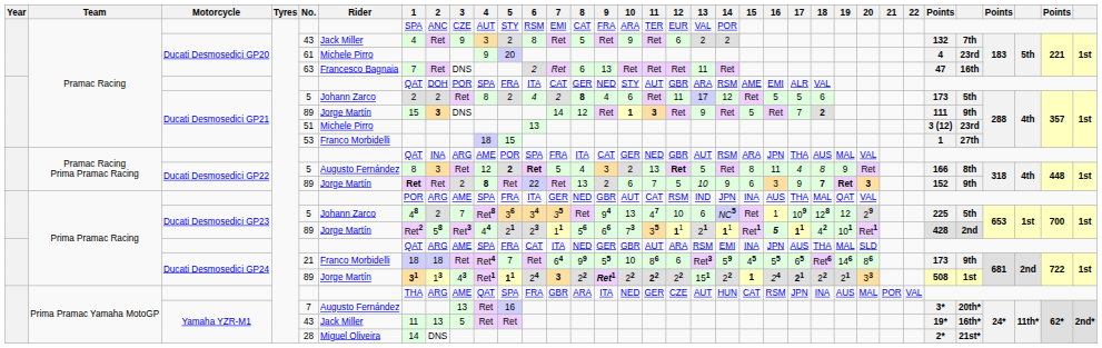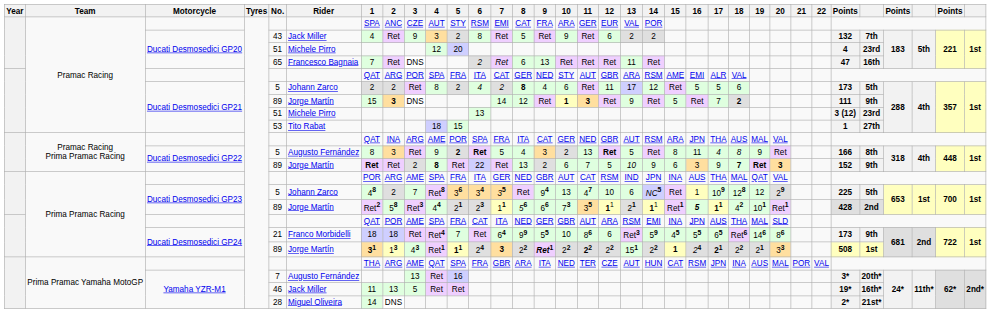 <table class="wikitable" style="text-align:center; font-size:85%;">
 <tr>
 <th scope="col">Year</th>
 <th scope="col">Team</th>
 <th scope="col">Motorcycle</th>
 <th scope="col">Tyres</th>
 <th scope="col">No.</th>
 <th scope="col">Rider</th>
 <th>1</th>
 <th>2</th>
 <th>3</th>
 <th>4</th>
 <th>5</th>
 <th>6</th>
 <th>7</th>
 <th>8</th>
 <th>9</th>
 <th>10</th>
 <th>11</th>
 <th>12</th>
 <th>13</th>
 <th>14</th>
 <th>15</th>
 <th>16</th>
 <th>17</th>
 <th>18</th>
 <th>19</th>
 <th>20</th>
 <th>21</th>
 <th>22</th>
 <th>Points</th>
 <th></th>
 <th>Points</th>
 <th></th>
 <th>Points</th>
 <th></th>
 </tr>
 <tr>
 <th scope="row" rowspan="4"></th>
 <td rowspan="9">Pramac Racing</td>
 <td></td>
 <td rowspan="22"></td>
 <td></td>
 <td></td>
 <td><a href='#'>SPA</a></td>
 <td><a href='#'>ANC</a></td>
 <td><a href='#'>CZE</a></td>
 <td><a href='#'>AUT</a></td>
 <td><a href='#'>STY</a></td>
 <td><a href='#'>RSM</a></td>
 <td><a href='#'>EMI</a></td>
 <td><a href='#'>CAT</a></td>
 <td><a href='#'>FRA</a></td>
 <td><a href='#'>ARA</a></td>
-<td><a href='#'>TER</a></td>
+<td><a href='#'>GER</a></td>
 <td><a href='#'>EUR</a></td>
 <td><a href='#'>VAL</a></td>
 <td><a href='#'>POR</a></td>
 <td></td>
 <td></td>
 <td></td>
 <td></td>
 <td></td>
 <td></td>
 <td></td>
 <td></td>
 <td colspan="6"></td>
 </tr>
 <tr>
 <td rowspan="3"><a href='#'>Ducati Desmosedici GP20</a></td>
 <td>43</td>
 <td style="text-align:left;"> <a href='#'>Jack Miller</a></td>
 <td style="background:#dfffdf;">4</td>
 <td style="background:#efcfff;">Ret</td>
 <td style="background:#dfffdf;">9</td>
 <td style="background:#ffdf9f;">3</td>
 <td style="background:#dfdfdf;">2</td>
 <td style="background:#dfffdf;">8</td>
 <td style="background:#efcfff;">Ret</td>
 <td style="background:#dfffdf;">5</td>
 <td style="background:#efcfff;">Ret</td>
 <td style="background:#dfffdf;">9</td>
 <td style="background:#efcfff;">Ret</td>
 <td style="background:#dfffdf;">6</td>
 <td style="background:#dfdfdf;">2</td>
 <td style="background:#dfdfdf;">2</td>
 <td></td>
 <td></td>
 <td></td>
 <td></td>
 <td></td>
 <td></td>
 <td></td>
 <td></td>
 <th>132</th>
 <th>7th</th>
 <th rowspan="3">183</th>
 <th rowspan="3">5th</th>
 <th rowspan="3" style="background:#ffffbf;">221</th>
 <th rowspan="3" style="background:#ffffbf;">1st</th>
 </tr>
 <tr>
-<td>61</td>
+<td>51</td>
 <td style="text-align:left;"> <a href='#'>Michele Pirro</a></td>
 <td></td>
 <td></td>
 <td></td>
-<td style="background:#dfffdf;">9</td>
+<td style="background:#dfffdf;">12</td>
 <td style="background:#cfcfff;">20</td>
 <td></td>
 <td></td>
 <td></td>
 <td></td>
 <td></td>
 <td></td>
 <td></td>
 <td></td>
 <td></td>
 <td></td>
 <td></td>
 <td></td>
 <td></td>
 <td></td>
 <td></td>
 <td></td>
 <td></td>
 <th>4</th>
 <th>23rd</th>
 </tr>
 <tr>
-<td>63</td>
+<td>65</td>
 <td style="text-align:left;"> <a href='#'>Francesco Bagnaia</a></td>
 <td style="background:#dfffdf;">7</td>
 <td style="background:#efcfff;">Ret</td>
 <td style="background:#ffffff;">DNS</td>
 <td></td>
 <td></td>
 <td style="background:#dfdfdf;"><em>2</em></td>
 <td style="background:#efcfff;"><em>Ret</em></td>
 <td style="background:#dfffdf;">6</td>
 <td style="background:#dfffdf;">13</td>
 <td style="background:#efcfff;">Ret</td>
 <td style="background:#efcfff;">Ret</td>
 <td style="background:#efcfff;">Ret</td>
 <td style="background:#dfffdf;">11</td>
 <td style="background:#efcfff;">Ret</td>
 <td></td>
 <td></td>
 <td></td>
 <td></td>
 <td></td>
 <td></td>
 <td></td>
 <td></td>
 <th>47</th>
 <th>16th</th>
 </tr>
 <tr>
 <th scope="row" rowspan="5"></th>
 <td></td>
 <td></td>
 <td></td>
 <td><a href='#'>QAT</a></td>
-<td><a href='#'>DOH</a></td>
+<td><a href='#'>ARG</a></td>
 <td><a href='#'>POR</a></td>
 <td><a href='#'>SPA</a></td>
 <td><a href='#'>FRA</a></td>
 <td><a href='#'>ITA</a></td>
 <td><a href='#'>CAT</a></td>
 <td><a href='#'>GER</a></td>
 <td><a href='#'>NED</a></td>
 <td><a href='#'>STY</a></td>
 <td><a href='#'>AUT</a></td>
 <td><a href='#'>GBR</a></td>
 <td><a href='#'>ARA</a></td>
 <td><a href='#'>RSM</a></td>
 <td><a href='#'>AME</a></td>
 <td><a href='#'>EMI</a></td>
 <td><a href='#'>ALR</a></td>
 <td><a href='#'>VAL</a></td>
 <td></td>
 <td></td>
 <td></td>
 <td></td>
 </tr>
 <tr>
 <td rowspan="4"><a href='#'>Ducati Desmosedici GP21</a></td>
 <td>5</td>
 <td style="text-align:left;"> <a href='#'>Johann Zarco</a></td>
 <td style="background:#dfdfdf;">2</td>
 <td style="background:#dfdfdf;">2</td>
 <td style="background:#efcfff;">Ret</td>
 <td style="background:#dfffdf;">8</td>
 <td style="background:#dfdfdf;">2</td>
 <td style="background:#dfffdf;"><em>4</em></td>
 <td style="background:#dfdfdf;"><em>2</em></td>
 <td style="background:#dfffdf;"><strong>8</strong></td>
 <td style="background:#dfffdf;">4</td>
 <td style="background:#dfffdf;">6</td>
 <td style="background:#efcfff;">Ret</td>
 <td style="background:#dfffdf;">11</td>
 <td style="background:#cfcfff;">17</td>
 <td style="background:#dfffdf;">12</td>
 <td style="background:#efcfff;">Ret</td>
 <td style="background:#dfffdf;">5</td>
 <td style="background:#dfffdf;">5</td>
 <td style="background:#dfffdf;">6</td>
 <td></td>
 <td></td>
 <td></td>
 <td></td>
 <th>173</th>
 <th>5th</th>
 <th rowspan="4">288</th>
 <th rowspan="4">4th</th>
 <th rowspan="4" style="background:#ffffbf;">357</th>
 <th rowspan="4" style="background:#ffffbf;">1st</th>
 </tr>
 <tr>
 <td>89</td>
 <td style="text-align:left;"> <a href='#'>Jorge Martín</a></td>
 <td style="background:#dfffdf;">15</td>
 <td style="background:#ffdf9f;"><strong>3</strong></td>
 <td style="background:#ffffff;">DNS</td>
 <td></td>
 <td></td>
 <td></td>
 <td style="background:#dfffdf;">14</td>
 <td style="background:#dfffdf;">12</td>
 <td style="background:#efcfff;">Ret</td>
 <td style="background:#ffffbf;"><strong>1</strong></td>
 <td style="background:#ffdf9f;"><strong>3</strong></td>
 <td style="background:#efcfff;">Ret</td>
 <td style="background:#dfffdf;">9</td>
 <td style="background:#efcfff;">Ret</td>
 <td style="background:#dfffdf;">5</td>
 <td style="background:#efcfff;">Ret</td>
 <td style="background:#dfffdf;">7</td>
 <td style="background:#dfdfdf;"><strong>2</strong></td>
 <td></td>
 <td></td>
 <td></td>
 <td></td>
 <th>111</th>
 <th>9th</th>
 </tr>
 <tr>
 <td>51</td>
 <td style="text-align:left;"> <a href='#'>Michele Pirro</a></td>
 <td></td>
 <td></td>
 <td></td>
 <td></td>
 <td></td>
 <td style="background:#dfffdf;">13</td>
 <td></td>
 <td></td>
 <td></td>
 <td></td>
 <td></td>
 <td></td>
 <td></td>
 <td></td>
 <td></td>
 <td></td>
 <td></td>
 <td></td>
 <td></td>
 <td></td>
 <td></td>
 <td></td>
 <th>3 (12)</th>
 <th>23rd</th>
 </tr>
 <tr>
 <td>53</td>
-<td style="text-align:left;"> <a href='#'>Franco Morbidelli</a></td>
+<td style="text-align:left;"> <a href='#'>Tito Rabat</a></td>
 <td></td>
 <td></td>
 <td></td>
 <td style="background:#cfcfff;">18</td>
 <td style="background:#dfffdf;">15</td>
 <td></td>
 <td></td>
 <td></td>
 <td></td>
 <td></td>
 <td></td>
 <td></td>
 <td></td>
 <td></td>
 <td></td>
 <td></td>
 <td></td>
 <td></td>
 <td></td>
 <td></td>
 <td></td>
 <td></td>
 <th>1</th>
 <th>27th</th>
 </tr>
 <tr>
 <th scope="row" rowspan="3"></th>
 <td rowspan="3">Pramac Racing<br>Prima Pramac Racing</td>
 <td></td>
 <td></td>
 <td></td>
 <td><a href='#'>QAT</a></td>
 <td><a href='#'>INA</a></td>
 <td><a href='#'>ARG</a></td>
 <td><a href='#'>AME</a></td>
 <td><a href='#'>POR</a></td>
 <td><a href='#'>SPA</a></td>
 <td><a href='#'>FRA</a></td>
 <td><a href='#'>ITA</a></td>
 <td><a href='#'>CAT</a></td>
 <td><a href='#'>GER</a></td>
 <td><a href='#'>NED</a></td>
 <td><a href='#'>GBR</a></td>
 <td><a href='#'>AUT</a></td>
 <td><a href='#'>RSM</a></td>
 <td><a href='#'>ARA</a></td>
 <td><a href='#'>JPN</a></td>
 <td><a href='#'>THA</a></td>
 <td><a href='#'>AUS</a></td>
 <td><a href='#'>MAL</a></td>
 <td><a href='#'>VAL</a></td>
 <td></td>
 <td></td>
 </tr>
 <tr>
 <td rowspan="2"><a href='#'>Ducati Desmosedici GP22</a></td>
 <td>5</td>
 <td style="text-align:left;"> <a href='#'>Augusto Fernández</a></td>
 <td style="background:#dfffdf;">8</td>
 <td style="background:#ffdf9f;">3</td>
 <td style="background:#efcfff;">Ret</td>
-<td style="background:#dfffdf;">12</td>
+<td style="background:#dfffdf;">9</td>
 <td style="background:#dfdfdf;"><strong>2</strong></td>
 <td style="background:#efcfff;"><strong>Ret</strong></td>
 <td style="background:#dfffdf;">5</td>
 <td style="background:#dfffdf;">4</td>
 <td style="background:#ffdf9f;">3</td>
 <td style="background:#dfdfdf;">2</td>
 <td style="background:#dfffdf;">13</td>
 <td style="background:#efcfff;"><strong>Ret</strong></td>
 <td style="background:#dfffdf;">5</td>
 <td style="background:#efcfff;">Ret</td>
 <td style="background:#dfffdf;">8</td>
 <td style="background:#dfffdf;">11</td>
 <td style="background:#dfffdf;"><em>4</em></td>
 <td style="background:#dfffdf;"><em>8</em></td>
 <td style="background:#dfffdf;">9</td>
 <td style="background:#efcfff;">Ret</td>
 <td></td>
 <td></td>
 <th>166</th>
 <th>8th</th>
 <th rowspan="2">318</th>
 <th rowspan="2">4th</th>
 <th rowspan="2" style="background:#ffffbf;">448</th>
 <th rowspan="2" style="background:#ffffbf;">1st</th>
 </tr>
 <tr>
 <td>89</td>
 <td style="text-align:left;"> <a href='#'>Jorge Martín</a></td>
 <td style="background:#efcfff;"><strong>Ret</strong></td>
 <td style="background:#efcfff;">Ret</td>
 <td style="background:#dfdfdf;">2</td>
 <td style="background:#dfffdf;"><strong>8</strong></td>
 <td style="background:#efcfff;">Ret</td>
 <td style="background:#cfcfff;">22</td>
 <td style="background:#efcfff;">Ret</td>
 <td style="background:#dfffdf;">13</td>
 <td style="background:#dfdfdf;">2</td>
 <td style="background:#dfffdf;">6</td>
 <td style="background:#dfffdf;">7</td>
 <td style="background:#dfffdf;">5</td>
 <td style="background:#dfffdf;"><em>10</em></td>
 <td style="background:#dfffdf;">9</td>
 <td style="background:#dfffdf;">6</td>
 <td style="background:#ffdf9f;">3</td>
 <td style="background:#dfffdf;">9</td>
 <td style="background:#dfffdf;"><strong>7</strong></td>
 <td style="background:#efcfff;"><strong>Ret</strong></td>
 <td style="background:#ffdf9f;"><strong>3</strong></td>
 <td></td>
 <td></td>
 <th>152</th>
 <th>9th</th>
 </tr>
 <tr>
 <th scope="row" rowspan="3"></th>
 <td rowspan="6">Prima Pramac Racing</td>
 <td></td>
 <td></td>
 <td></td>
 <td><a href='#'>POR</a></td>
 <td><a href='#'>ARG</a></td>
 <td><a href='#'>AME</a></td>
 <td><a href='#'>SPA</a></td>
 <td><a href='#'>FRA</a></td>
 <td><a href='#'>ITA</a></td>
 <td><a href='#'>GER</a></td>
 <td><a href='#'>NED</a></td>
 <td><a href='#'>GBR</a></td>
 <td><a href='#'>AUT</a></td>
 <td><a href='#'>CAT</a></td>
 <td><a href='#'>RSM</a></td>
 <td><a href='#'>IND</a></td>
 <td><a href='#'>JPN</a></td>
 <td><a href='#'>INA</a></td>
 <td><a href='#'>AUS</a></td>
 <td><a href='#'>THA</a></td>
 <td><a href='#'>MAL</a></td>
 <td><a href='#'>QAT</a></td>
 <td><a href='#'>VAL</a></td>
 <td></td>
 <td></td>
 </tr>
 <tr>
 <td rowspan="2"><a href='#'>Ducati Desmosedici GP23</a></td>
 <td>5</td>
 <td style="text-align:left;"> <a href='#'>Johann Zarco</a></td>
 <td style="background:#dfffdf;">4<sup><strong>8</strong></sup></td>
 <td style="background:#dfdfdf;">2</td>
 <td style="background:#dfffdf;">7</td>
 <td style="background:#efcfff;">Ret<sup><strong>8</strong></sup></td>
 <td style="background:#ffdf9f;">3<sup><strong>6</strong></sup></td>
 <td style="background:#ffdf9f;">3<sup><strong>4</strong></sup></td>
 <td style="background:#ffdf9f;"><em>3</em><sup><strong>5</strong></sup></td>
 <td style="background:#efcfff;">Ret</td>
 <td style="background:#dfffdf;">9<sup><strong>4</strong></sup></td>
 <td style="background:#dfffdf;">13</td>
 <td style="background:#dfffdf;">4<sup><strong>7</strong></sup></td>
 <td style="background:#dfffdf;">10</td>
 <td style="background:#dfffdf;">6</td>
 <td style="background:#cfcfff;"><em>NC</em><sup><strong>5</strong></sup></td>
 <td style="background:#efcfff;">Ret</td>
 <td style="background:#ffffbf;">1</td>
 <td style="background:#dfffdf;">10<sup><strong>9</strong></sup></td>
 <td style="background:#dfffdf;">12<sup><strong>8</strong></sup></td>
 <td style="background:#dfffdf;">12</td>
 <td style="background:#dfdfdf;">2<sup><strong>9</strong></sup></td>
 <td></td>
 <td></td>
 <th>225</th>
 <th>5th</th>
 <th rowspan="2" style="background:#FFFFBF;">653</th>
 <th rowspan="2" style="background:#FFFFBF;">1st</th>
 <th rowspan="2" style="background:#FFFFBF;">700</th>
 <th rowspan="2" style="background:#FFFFBF;">1st</th>
 </tr>
 <tr>
 <td>89</td>
 <td style="text-align:left;"> <a href='#'>Jorge Martín</a></td>
 <td style="background:#efcfff;">Ret<sup><strong>2</strong></sup></td>
 <td style="background:#dfffdf;">5<sup><strong>8</strong></sup></td>
 <td style="background:#efcfff;">Ret<sup><strong>3</strong></sup></td>
 <td style="background:#dfffdf;">4<sup><strong>4</strong></sup></td>
 <td style="background:#dfdfdf;">2<sup><strong>1</strong></sup></td>
 <td style="background:#dfdfdf;">2<sup><strong>3</strong></sup></td>
 <td style="background:#ffffbf;">1<sup><strong>1</strong></sup></td>
 <td style="background:#dfffdf;"><em>5</em><sup><strong>6</strong></sup></td>
 <td style="background:#dfffdf;">6<sup><strong>6</strong></sup></td>
 <td style="background:#dfffdf;">7<sup><strong>3</strong></sup></td>
 <td style="background:#ffdf9f;">3<sup><strong>5</strong></sup></td>
 <td style="background:#ffffbf;"><strong>1</strong><sup>1</sup></td>
 <td style="background:#dfdfdf;">2<sup><strong>1</strong></sup></td>
 <td style="background:#ffffbf;"><strong>1</strong><sup>1</sup></td>
 <td style="background:#efcfff;">Ret<sup><strong>1</strong></sup></td>
 <td style="background:#dfffdf;"><strong><em>5</em></strong></td>
 <td style="background:#ffffbf;"><strong>1</strong><sup><strong>1</strong></sup></td>
 <td style="background:#dfffdf;">4<sup><strong>2</strong></sup></td>
 <td style="background:#dfffdf;">10<sup><strong>1</strong></sup></td>
 <td style="background:#efcfff;">Ret<sup><strong>1</strong></sup></td>
 <td></td>
 <td></td>
 <th style="background:#dfdfdf;">428</th>
 <th style="background:#dfdfdf;">2nd</th>
 </tr>
 <tr>
 <th scope="row" rowspan="3"></th>
 <td></td>
 <td></td>
 <td></td>
 <td><a href='#'>QAT</a></td>
-<td><a href='#'>ARG</a></td>
+<td><a href='#'>POR</a></td>
 <td><a href='#'>AME</a></td>
 <td><a href='#'>SPA</a></td>
 <td><a href='#'>FRA</a></td>
 <td><a href='#'>CAT</a></td>
 <td><a href='#'>ITA</a></td>
 <td><a href='#'>NED</a></td>
 <td><a href='#'>GER</a></td>
 <td><a href='#'>GBR</a></td>
 <td><a href='#'>AUT</a></td>
 <td><a href='#'>ARA</a></td>
 <td><a href='#'>RSM</a></td>
 <td><a href='#'>EMI</a></td>
 <td><a href='#'>INA</a></td>
 <td><a href='#'>JPN</a></td>
 <td><a href='#'>AUS</a></td>
 <td><a href='#'>THA</a></td>
 <td><a href='#'>MAL</a></td>
 <td><a href='#'>SLD</a></td>
 <td></td>
 <td></td>
 </tr>
 <tr>
 <td rowspan="2"><a href='#'>Ducati Desmosedici GP24</a></td>
 <td>21</td>
 <td style="text-align:left;"> <a href='#'>Franco Morbidelli</a></td>
 <td style="background:#CFCFFF;">18</td>
 <td style="background:#CFCFFF;">18</td>
 <td style="background:#EFCFFF;">Ret</td>
 <td style="background:#EFCFFF;">Ret<sup><strong>4</strong></sup></td>
 <td style="background:#DFFFDF;">7</td>
 <td style="background:#EFCFFF;">Ret</td>
 <td style="background:#DFFFDF;">6<sup><strong>4</strong></sup></td>
 <td style="background:#DFFFDF;">9<sup><strong>9</strong></sup></td>
 <td style="background:#DFFFDF;">5<sup><strong>5</strong></sup></td>
 <td style="background:#DFFFDF;">10</td>
 <td style="background:#DFFFDF;">8<sup><strong>6</strong></sup></td>
 <td style="background:#DFFFDF;">6</td>
 <td style="background:#EFCFFF;">Ret<sup><strong>3</strong></sup></td>
 <td style="background:#DFFFDF;">5<sup><strong>9</strong></sup></td>
 <td style="background:#DFFFDF;">4<sup><strong>5</strong></sup></td>
 <td style="background:#DFFFDF;">5<sup><strong>5</strong></sup></td>
 <td style="background:#DFFFDF;">6<sup><strong>5</strong></sup></td>
 <td style="background:#EFCFFF;">Ret<sup><strong>6</strong></sup></td>
 <td style="background:#DFFFDF;">14<sup><strong>6</strong></sup></td>
 <td style="background:#DFFFDF;">8<sup><strong>6</strong></sup></td>
 <td></td>
 <td></td>
 <th>173</th>
 <th>9th</th>
 <th style="background:#DFDFDF;" rowspan="2">681</th>
 <th style="background:#DFDFDF;" rowspan="2">2nd</th>
 <th style="background:#FFFFBF;" rowspan="2">722</th>
 <th style="background:#FFFFBF;" rowspan="2">1st</th>
 </tr>
 <tr>
 <td>89</td>
 <td style="text-align:left;"> <a href='#'>Jorge Martín</a></td>
 <td style="background:#FFDF9F;"><strong>3</strong><sup><strong>1</strong></sup></td>
 <td style="background:#FFFFBF;">1<sup><strong>3</strong></sup></td>
 <td style="background:#DFFFDF;">4<sup><strong>3</strong></sup></td>
 <td style="background:#EFCFFF;">Ret<sup><strong>1</strong></sup></td>
 <td style="background:#FFFFBF;"><strong>1</strong><sup><strong>1</strong></sup></td>
 <td style="background:#DFDFDF;">2<sup><strong>4</strong></sup></td>
 <td style="background:#FFDF9F;"><strong>3</strong></td>
 <td style="background:#DFDFDF;">2<sup><strong>2</strong></sup></td>
 <td style="background:#EFCFFF;"><strong><em>Ret</em></strong><sup><strong>1</strong></sup></td>
 <td style="background:#DFDFDF;">2<sup><strong>2</strong></sup></td>
 <td style="background:#DFDFDF;"><strong>2</strong><sup><strong>2</strong></sup></td>
 <td style="background:#DFDFDF;">2<sup><strong>2</strong></sup></td>
 <td style="background:#DFFFDF;">15<sup><strong>1</strong></sup></td>
 <td style="background:#DFDFDF;">2<sup><strong>2</strong></sup></td>
 <td style="background:#FFFFBF;"><strong>1</strong></td>
 <td style="background:#DFDFDF;"><em>2</em><sup><strong>4</strong></sup></td>
 <td style="background:#DFDFDF;"><strong>2</strong><sup><strong>1</strong></sup></td>
 <td style="background:#DFDFDF;">2<sup><strong>2</strong></sup></td>
 <td style="background:#DFDFDF;">2<sup><strong>1</strong></sup></td>
 <td style="background:#FFDF9F;">3<sup><strong>3</strong></sup></td>
 <td></td>
 <td></td>
 <th style="background:#FFFFBF;">508</th>
 <th style="background:#FFFFBF;">1st</th>
 </tr>
 <tr>
 <th scope="row" rowspan="4"></th>
 <td rowspan="4">Prima Pramac Yamaha MotoGP</td>
 <td></td>
 <td></td>
 <td></td>
 <td><a href='#'>THA</a></td>
 <td><a href='#'>ARG</a></td>
 <td><a href='#'>AME</a></td>
 <td><a href='#'>QAT</a></td>
 <td><a href='#'>SPA</a></td>
 <td><a href='#'>FRA</a></td>
 <td><a href='#'>GBR</a></td>
 <td><a href='#'>ARA</a></td>
 <td><a href='#'>ITA</a></td>
 <td><a href='#'>NED</a></td>
-<td><a href='#'>GER</a></td>
+<td><a href='#'>TER</a></td>
 <td><a href='#'>CZE</a></td>
 <td><a href='#'>AUT</a></td>
 <td><a href='#'>HUN</a></td>
 <td><a href='#'>CAT</a></td>
 <td><a href='#'>RSM</a></td>
 <td><a href='#'>JPN</a></td>
 <td><a href='#'>INA</a></td>
 <td><a href='#'>AUS</a></td>
 <td><a href='#'>MAL</a></td>
 <td><a href='#'>POR</a></td>
 <td><a href='#'>VAL</a></td>
 <td colspan="6"></td>
 </tr>
 <tr>
 <td rowspan="3"><a href='#'>Yamaha YZR-M1</a></td>
 <td>7</td>
 <td style="text-align:left;"> <a href='#'>Augusto Fernández</a></td>
 <td></td>
 <td></td>
 <td style="background:#DFFFDF;">13</td>
 <td style="background:#EFCFFF;">Ret</td>
 <td style="background:#CFCFFF;">16</td>
 <td style="background:#;"></td>
 <td style="background:#;"></td>
 <td style="background:#;"></td>
 <td style="background:#;"></td>
 <td style="background:#;"></td>
 <td style="background:#;"></td>
 <td style="background:#;"></td>
 <td style="background:#;"></td>
 <td style="background:#;"></td>
 <td style="background:#;"></td>
 <td style="background:#;"></td>
 <td style="background:#;"></td>
 <td style="background:#;"></td>
 <td style="background:#;"></td>
 <td style="background:#;"></td>
 <td style="background:#;"></td>
 <td style="background:#;"></td>
 <th>3*</th>
 <th>20th*</th>
 <th rowspan="3">24*</th>
 <th rowspan="3">11th*</th>
 <th style="background:#DFDFDF;" rowspan="3">62*</th>
 <th style="background:#DFDFDF;" rowspan="3">2nd*</th>
 </tr>
 <tr>
-<td>43</td>
+<td>46</td>
 <td style="text-align:left;"> <a href='#'>Jack Miller</a></td>
 <td style="background:#DFFFDF;">11</td>
 <td style="background:#DFFFDF;">13</td>
 <td style="background:#DFFFDF;">5</td>
 <td style="background:#EFCFFF;">Ret</td>
 <td style="background:#EFCFFF;">Ret</td>
 <td style="background:#;"></td>
 <td style="background:#;"></td>
 <td style="background:#;"></td>
 <td style="background:#;"></td>
 <td style="background:#;"></td>
 <td style="background:#;"></td>
 <td style="background:#;"></td>
 <td style="background:#;"></td>
 <td style="background:#;"></td>
 <td style="background:#;"></td>
 <td style="background:#;"></td>
 <td style="background:#;"></td>
 <td style="background:#;"></td>
 <td style="background:#;"></td>
 <td style="background:#;"></td>
 <td style="background:#;"></td>
 <td style="background:#;"></td>
 <th>19*</th>
 <th>16th*</th>
 </tr>
 <tr>
 <td>28</td>
 <td style="text-align:left;"> <a href='#'>Miguel Oliveira</a></td>
 <td style="background:#DFFFDF;">14</td>
 <td style="background:#FFFFFF;">DNS</td>
 <td></td>
 <td></td>
 <td></td>
 <td style="background:#;"></td>
 <td style="background:#;"></td>
 <td style="background:#;"></td>
 <td style="background:#;"></td>
 <td style="background:#;"></td>
 <td style="background:#;"></td>
 <td style="background:#;"></td>
 <td style="background:#;"></td>
 <td style="background:#;"></td>
 <td style="background:#;"></td>
 <td style="background:#;"></td>
 <td style="background:#;"></td>
 <td style="background:#;"></td>
 <td style="background:#;"></td>
 <td style="background:#;"></td>
 <td style="background:#;"></td>
 <td style="background:#;"></td>
 <th>2*</th>
 <th>21st*</th>
 </tr>
 </table>
